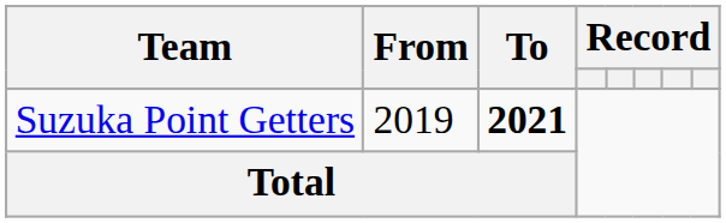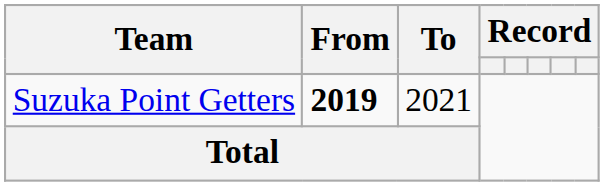 <table class=wikitable style="text-align:center">
 <tr>
 <th rowspan=2>Team</th>
 <th rowspan=2>From</th>
 <th rowspan=2>To</th>
 <th colspan=5>Record</th>
 </tr>
 <tr>
 <th></th>
 <th></th>
 <th></th>
 <th></th>
 <th></th>
 </tr>
 <tr>
 <td align=left><a href='#'>Suzuka Point Getters</a></td>
-<td align=left>2019</td>
-<td align=left><strong>2021<br></strong></td>
+<td align=left><strong>2019</strong></td>
+<td align=left>2021<br></td>
 </tr>
 <tr>
 <th colspan=3>Total<br></th>
 </tr>
 </table>
